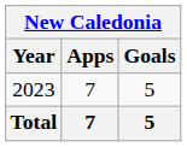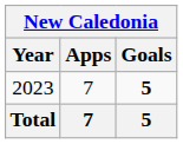 <table class="wikitable" style="text-align:center">
 <tr>
 <th colspan=3><a href='#'>New Caledonia</a></th>
 </tr>
 <tr>
 <th>Year</th>
 <th>Apps</th>
 <th>Goals</th>
 </tr>
 <tr>
 <td>2023</td>
 <td>7</td>
-<td>5</td>
+<td><strong>5</strong></td>
 </tr>
 <tr>
 <th>Total</th>
 <th>7</th>
 <th>5</th>
 </tr>
 </table>
